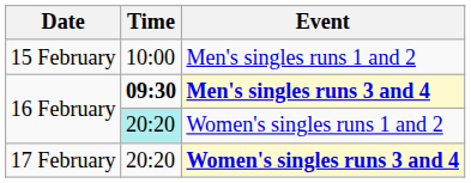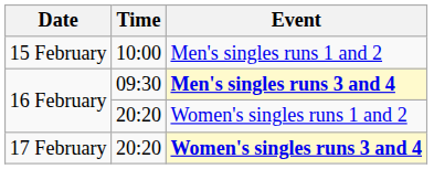 <table class=wikitable>
 <tr>
 <th>Date</th>
 <th>Time</th>
 <th>Event</th>
 </tr>
 <tr>
 <td>15 February</td>
 <td>10:00</td>
 <td><a href='#'>Men's singles runs 1 and 2</a></td>
 </tr>
 <tr>
 <td rowspan=2>16 February</td>
-<td><strong>09:30</strong></td>
+<td>09:30</td>
 <td style="background:lemonchiffon"><strong><a href='#'>Men's singles runs 3 and 4</a></strong></td>
 </tr>
 <tr>
-<td style="background: paleturquoise;">20:20</td>
+<td>20:20</td>
 <td><a href='#'>Women's singles runs 1 and 2</a></td>
 </tr>
 <tr>
 <td>17 February</td>
 <td>20:20</td>
 <td style="background:lemonchiffon"><strong><a href='#'>Women's singles runs 3 and 4</a></strong></td>
 </tr>
 </table>
